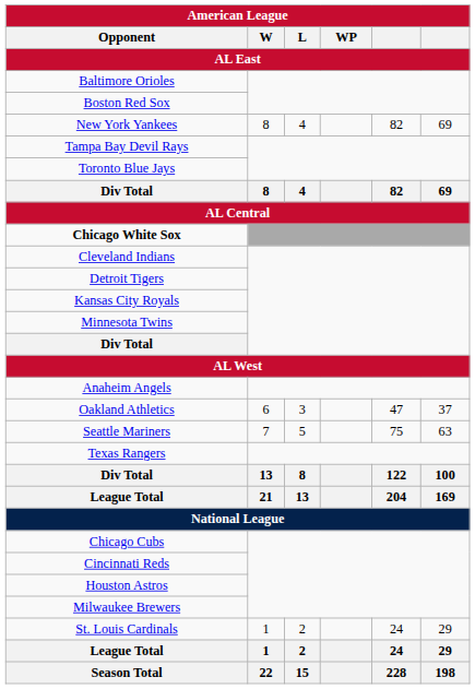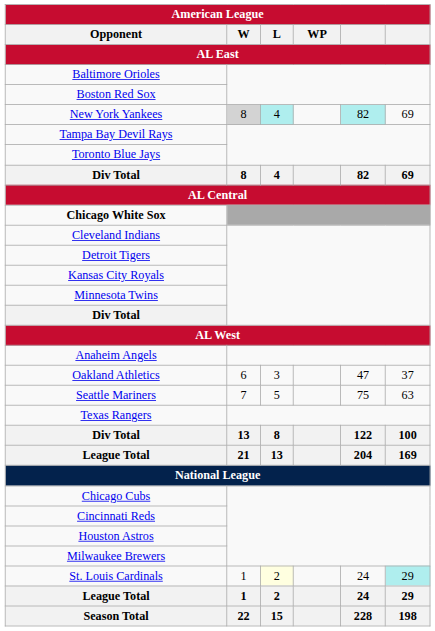 <table class="wikitable" style="margin:1em auto; font-size:95%; text-align:center; width:35em;">
 <tr>
 <th colspan="7" style="background:#c60c30; color:#ffffff;">American League</th>
 </tr>
 <tr>
 <th>Opponent</th>
 <th>W</th>
 <th>L</th>
 <th>WP</th>
 <th></th>
 <th></th>
 </tr>
 <tr>
 <th colspan="7" style="background:#c60c30; color:#ffffff;">AL East</th>
 </tr>
 <tr>
 <td><a href='#'>Baltimore Orioles</a></td>
 </tr>
 <tr>
 <td><a href='#'>Boston Red Sox</a></td>
 </tr>
 <tr>
 <td><a href='#'>New York Yankees</a></td>
-<td>8</td>
-<td>4</td>
+<td style="background: lightgrey;">8</td>
+<td style="background: paleturquoise;">4</td>
 <td></td>
-<td>82</td>
+<td style="background: paleturquoise;">82</td>
 <td>69</td>
 </tr>
 <tr>
 <td><a href='#'>Tampa Bay Devil Rays</a></td>
 </tr>
 <tr>
 <td><a href='#'>Toronto Blue Jays</a></td>
 </tr>
 <tr>
 <th>Div Total</th>
 <th>8</th>
 <th>4</th>
 <th></th>
 <th>82</th>
 <th>69</th>
 </tr>
 <tr>
 <th colspan="7" style="background:#c60c30; color:#ffffff;">AL Central</th>
 </tr>
 <tr>
 <td><strong>Chicago White Sox</strong></td>
 <td colspan=5 style="background:darkgray;"></td>
 </tr>
 <tr>
 <td><a href='#'>Cleveland Indians</a></td>
 </tr>
 <tr>
 <td><a href='#'>Detroit Tigers</a></td>
 </tr>
 <tr>
 <td><a href='#'>Kansas City Royals</a></td>
 </tr>
 <tr>
 <td><a href='#'>Minnesota Twins</a></td>
 </tr>
 <tr>
 <th>Div Total</th>
 </tr>
 <tr>
 <th colspan="7" style="background:#c60c30; color:#ffffff;">AL West</th>
 </tr>
 <tr>
 <td><a href='#'>Anaheim Angels</a></td>
 </tr>
 <tr>
 <td><a href='#'>Oakland Athletics</a></td>
 <td>6</td>
 <td>3</td>
 <td></td>
 <td>47</td>
 <td>37</td>
 </tr>
 <tr>
 <td><a href='#'>Seattle Mariners</a></td>
 <td>7</td>
 <td>5</td>
 <td></td>
 <td>75</td>
 <td>63</td>
 </tr>
 <tr>
 <td><a href='#'>Texas Rangers</a></td>
 </tr>
 <tr>
 <th>Div Total</th>
 <th>13</th>
 <th>8</th>
 <th></th>
 <th>122</th>
 <th>100</th>
 </tr>
 <tr>
 <th>League Total</th>
 <th>21</th>
 <th>13</th>
 <th></th>
 <th>204</th>
 <th>169</th>
 </tr>
 <tr>
 <th colspan="7" style="background:#03224c; color:#ffffff;">National League</th>
 </tr>
 <tr>
 <td><a href='#'>Chicago Cubs</a></td>
 </tr>
 <tr>
 <td><a href='#'>Cincinnati Reds</a></td>
 </tr>
 <tr>
 <td><a href='#'>Houston Astros</a></td>
 </tr>
 <tr>
 <td><a href='#'>Milwaukee Brewers</a></td>
 </tr>
 <tr>
 <td><a href='#'>St. Louis Cardinals</a></td>
 <td>1</td>
-<td>2</td>
+<td style="background: lightyellow;">2</td>
 <td></td>
 <td>24</td>
-<td>29</td>
+<td style="background: paleturquoise;">29</td>
 </tr>
 <tr>
 <th>League Total</th>
 <th>1</th>
 <th>2</th>
 <th></th>
 <th>24</th>
 <th>29</th>
 </tr>
 <tr>
 <th>Season Total</th>
 <th>22</th>
 <th>15</th>
 <th></th>
 <th>228</th>
 <th>198</th>
 </tr>
 </table>
